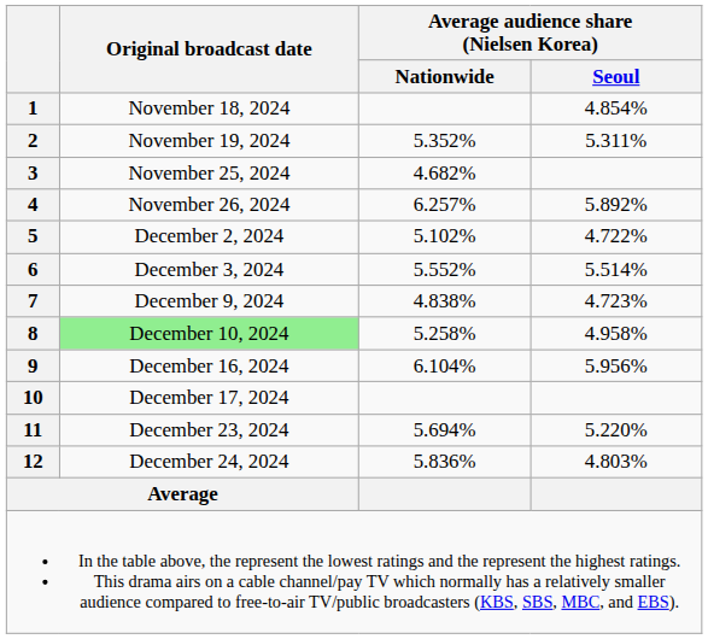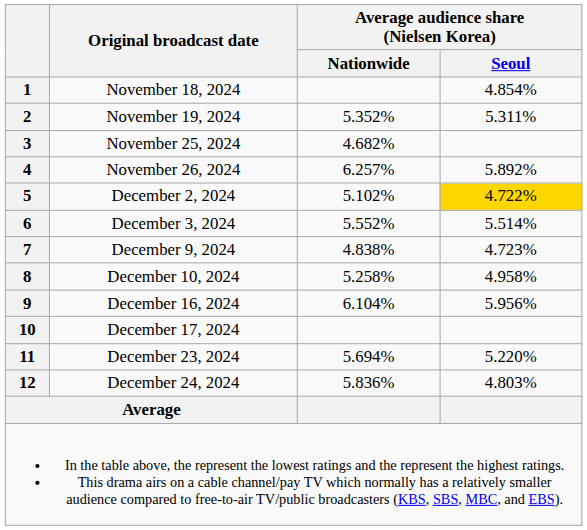 <table class="wikitable" style="margin-left:auto; margin-right:auto; width:550px; text-align:center">
 <tr>
 <th scope="col" rowspan="2"></th>
 <th scope="col" rowspan="2">Original broadcast date</th>
 <th scope="col" colspan="2">Average audience share<br>(Nielsen Korea)</th>
 </tr>
 <tr>
 <th scope="col" style="width:8em">Nationwide</th>
 <th scope="col" style="width:8em"><a href='#'>Seoul</a></th>
 </tr>
 <tr>
 <th scope="row">1</th>
 <td>November 18, 2024</td>
 <td><strong></strong> </td>
 <td>4.854% </td>
 </tr>
 <tr>
 <th scope="row">2</th>
 <td>November 19, 2024</td>
 <td>5.352% </td>
 <td>5.311% </td>
 </tr>
 <tr>
 <th scope="row">3</th>
 <td>November 25, 2024</td>
 <td>4.682% </td>
 <td><strong></strong> </td>
 </tr>
 <tr>
 <th scope="row">4</th>
 <td>November 26, 2024</td>
 <td>6.257% </td>
 <td>5.892% </td>
 </tr>
 <tr>
 <th scope="row">5</th>
 <td>December 2, 2024</td>
 <td>5.102% </td>
-<td>4.722% </td>
+<td style="background: gold;">4.722% </td>
 </tr>
 <tr>
 <th scope="row">6</th>
 <td>December 3, 2024</td>
 <td>5.552% </td>
 <td>5.514% </td>
 </tr>
 <tr>
 <th scope="row">7</th>
 <td>December 9, 2024</td>
 <td>4.838% </td>
 <td>4.723% </td>
 </tr>
 <tr>
 <th scope="row">8</th>
-<td style="background: lightgreen;">December 10, 2024</td>
+<td>December 10, 2024</td>
 <td>5.258% </td>
 <td>4.958% </td>
 </tr>
 <tr>
 <th scope="row">9</th>
 <td>December 16, 2024</td>
 <td>6.104% </td>
 <td>5.956% </td>
 </tr>
 <tr>
 <th scope="row">10</th>
 <td>December 17, 2024</td>
 <td><strong></strong> </td>
 <td><strong></strong> </td>
 </tr>
 <tr>
 <th scope="row">11</th>
 <td>December 23, 2024</td>
 <td>5.694% </td>
 <td>5.220% </td>
 </tr>
 <tr>
 <th scope="row">12</th>
 <td>December 24, 2024</td>
 <td>5.836% </td>
 <td>4.803% </td>
 </tr>
 <tr>
 <th scope="col" colspan="2">Average</th>
 <th scope="col"></th>
 <th scope="col"></th>
 </tr>
 <tr>
 <td colspan="4" style="font-size:85%"><br><ul><li>In the table above, the <strong></strong> represent the lowest ratings and the <strong></strong> represent the highest ratings.</li><li>This drama airs on a cable channel/pay TV which normally has a relatively smaller audience compared to free-to-air TV/public broadcasters (<a href='#'>KBS</a>, <a href='#'>SBS</a>, <a href='#'>MBC</a>, and <a href='#'>EBS</a>).</li></ul></td>
 </tr>
 </table>
